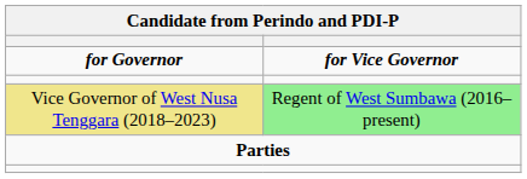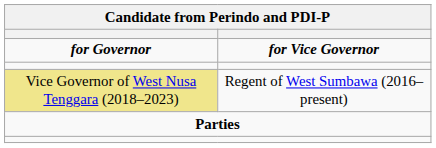 <table class="wikitable" style="font-size:90%; text-align:center;">
 <tr>
 <td colspan=2 style="background:#f1f1f1;"><strong>Candidate from Perindo and PDI-P</strong></td>
 </tr>
 <tr>
 <th style="font-size:135%; background:#"><a href='#'></a></th>
 <th style="font-size:135%; background:#"><a href='#'></a></th>
 </tr>
 <tr style="color:#000; font-size:100%; background:#">
 <td style="width:3em; width:200px;"><strong><em>for Governor</em></strong></td>
 <td style="width:3em; width:200px;"><strong><em>for Vice Governor</em></strong></td>
 </tr>
 <tr>
 <td></td>
 <td></td>
 </tr>
 <tr>
 <td style="background: khaki;">Vice Governor of <a href='#'>West Nusa Tenggara</a> (2018–2023)</td>
-<td style="background: lightgreen;">Regent of <a href='#'>West Sumbawa</a> (2016–present)</td>
+<td>Regent of <a href='#'>West Sumbawa</a> (2016–present)</td>
 </tr>
 <tr>
 <td colspan=2><strong>Parties</strong></td>
 </tr>
 <tr>
 <td colspan=2> </td>
 </tr>
 </table>
